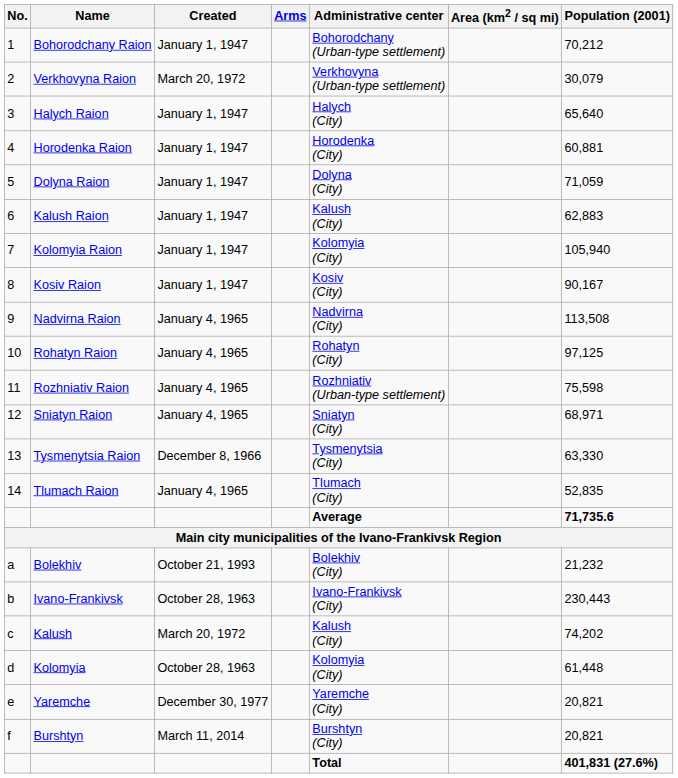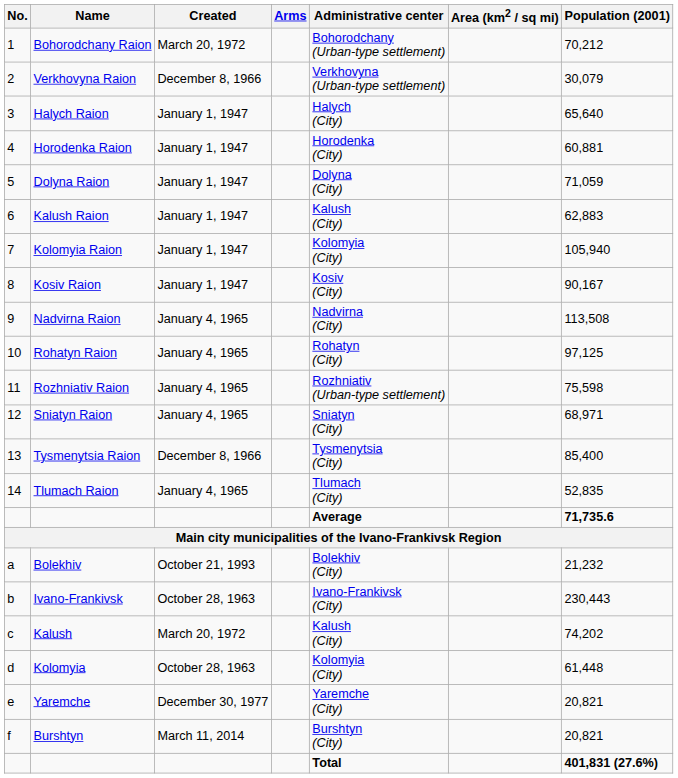 <table class="wikitable" summary="Districts of the Ivano-Frankivsk Oblast and their centers">
 <tr>
 <th>No.</th>
 <th>Name</th>
 <th>Created</th>
 <th><a href='#'>Arms</a></th>
 <th>Administrative center</th>
 <th>Area (km<sup>2</sup> / sq mi)</th>
 <th>Population (2001)</th>
 </tr>
 <tr>
 <td>1</td>
 <td><a href='#'>Bohorodchany Raion</a></td>
-<td>January 1, 1947</td>
+<td>March 20, 1972</td>
 <td></td>
 <td><a href='#'>Bohorodchany</a><br><em>(Urban-type settlement)</em></td>
 <td></td>
 <td>70,212</td>
 </tr>
 <tr>
 <td>2</td>
 <td><a href='#'>Verkhovyna Raion</a></td>
-<td>March 20, 1972</td>
+<td>December 8, 1966</td>
 <td></td>
 <td><a href='#'>Verkhovyna</a><br><em>(Urban-type settlement)</em></td>
 <td></td>
 <td>30,079</td>
 </tr>
 <tr>
 <td>3</td>
 <td><a href='#'>Halych Raion</a></td>
 <td>January 1, 1947</td>
 <td></td>
 <td><a href='#'>Halych</a> <br><em>(City)</em></td>
 <td></td>
 <td>65,640</td>
 </tr>
 <tr>
 <td>4</td>
 <td><a href='#'>Horodenka Raion</a></td>
 <td>January 1, 1947</td>
 <td></td>
 <td><a href='#'>Horodenka</a> <br><em>(City)</em></td>
 <td></td>
 <td>60,881</td>
 </tr>
 <tr>
 <td>5</td>
 <td><a href='#'>Dolyna Raion</a></td>
 <td>January 1, 1947</td>
 <td></td>
 <td><a href='#'>Dolyna</a> <br><em>(City)</em></td>
 <td></td>
 <td>71,059</td>
 </tr>
 <tr>
 <td>6</td>
 <td><a href='#'>Kalush Raion</a></td>
 <td>January 1, 1947</td>
 <td></td>
 <td><a href='#'>Kalush</a> <br><em>(City)</em></td>
 <td></td>
 <td>62,883</td>
 </tr>
 <tr>
 <td>7</td>
 <td><a href='#'>Kolomyia Raion</a></td>
 <td>January 1, 1947</td>
 <td align="center"></td>
 <td><a href='#'>Kolomyia</a> <br><em>(City)</em></td>
 <td></td>
 <td>105,940</td>
 </tr>
 <tr>
 <td>8</td>
 <td><a href='#'>Kosiv Raion</a></td>
 <td>January 1, 1947</td>
 <td></td>
 <td><a href='#'>Kosiv</a> <br><em>(City)</em></td>
 <td></td>
 <td>90,167</td>
 </tr>
 <tr>
 <td>9</td>
 <td><a href='#'>Nadvirna Raion</a></td>
 <td>January 4, 1965</td>
 <td></td>
 <td><a href='#'>Nadvirna</a> <br><em>(City)</em></td>
 <td></td>
 <td>113,508</td>
 </tr>
 <tr>
 <td>10</td>
 <td><a href='#'>Rohatyn Raion</a></td>
 <td>January 4, 1965</td>
 <td></td>
 <td><a href='#'>Rohatyn</a> <br><em>(City)</em></td>
 <td></td>
 <td>97,125</td>
 </tr>
 <tr>
 <td>11</td>
 <td><a href='#'>Rozhniativ Raion</a></td>
 <td>January 4, 1965</td>
 <td></td>
 <td><a href='#'>Rozhniativ</a> <br><em>(Urban-type settlement)</em></td>
 <td></td>
 <td>75,598</td>
 </tr>
 <tr style="vertical-align:top;">
 <td>12</td>
 <td><a href='#'>Sniatyn Raion</a></td>
 <td>January 4, 1965</td>
 <td></td>
 <td><a href='#'>Sniatyn</a> <br><em>(City)</em></td>
 <td></td>
 <td>68,971</td>
 </tr>
 <tr>
 <td>13</td>
 <td><a href='#'>Tysmenytsia Raion</a></td>
 <td>December 8, 1966</td>
 <td></td>
 <td><a href='#'>Tysmenytsia</a> <br><em>(City)</em></td>
 <td></td>
-<td>63,330</td>
+<td>85,400</td>
 </tr>
 <tr>
 <td>14</td>
 <td><a href='#'>Tlumach Raion</a></td>
 <td>January 4, 1965</td>
 <td></td>
 <td><a href='#'>Tlumach</a> <br><em>(City)</em></td>
 <td></td>
 <td>52,835</td>
 </tr>
 <tr>
 <td></td>
 <td></td>
 <td></td>
 <td></td>
 <td><strong>Average</strong></td>
 <td><strong></strong></td>
 <td><strong>71,735.6</strong></td>
 </tr>
 <tr>
 <th colspan="7">Main city municipalities of the Ivano-Frankivsk Region</th>
 </tr>
 <tr>
 <td>a</td>
 <td><a href='#'>Bolekhiv</a></td>
 <td>October 21, 1993</td>
 <td></td>
 <td><a href='#'>Bolekhiv</a> <br><em>(City)</em></td>
 <td></td>
 <td>21,232</td>
 </tr>
 <tr>
 <td>b</td>
 <td><a href='#'>Ivano-Frankivsk</a></td>
 <td>October 28, 1963</td>
 <td></td>
 <td><a href='#'>Ivano-Frankivsk</a> <br><em>(City)</em></td>
 <td></td>
 <td>230,443</td>
 </tr>
 <tr>
 <td>c</td>
 <td><a href='#'>Kalush</a></td>
 <td>March 20, 1972</td>
 <td></td>
 <td><a href='#'>Kalush</a> <br><em>(City)</em></td>
 <td></td>
 <td>74,202</td>
 </tr>
 <tr>
 <td>d</td>
 <td><a href='#'>Kolomyia</a></td>
 <td>October 28, 1963</td>
 <td></td>
 <td><a href='#'>Kolomyia</a> <br><em>(City)</em></td>
 <td></td>
 <td>61,448</td>
 </tr>
 <tr>
 <td>e</td>
 <td><a href='#'>Yaremche</a></td>
 <td>December 30, 1977</td>
 <td></td>
 <td><a href='#'>Yaremche</a> <br><em>(City)</em></td>
 <td></td>
 <td>20,821</td>
 </tr>
 <tr>
 <td>f</td>
 <td><a href='#'>Burshtyn</a></td>
 <td>March 11, 2014</td>
 <td></td>
 <td><a href='#'>Burshtyn</a> <br><em>(City)</em></td>
 <td></td>
 <td>20,821</td>
 </tr>
 <tr>
 <td></td>
 <td></td>
 <td></td>
 <td></td>
 <td><strong>Total</strong></td>
 <td><strong></strong></td>
 <td><strong>401,831 (27.6%)</strong></td>
 </tr>
 </table>
